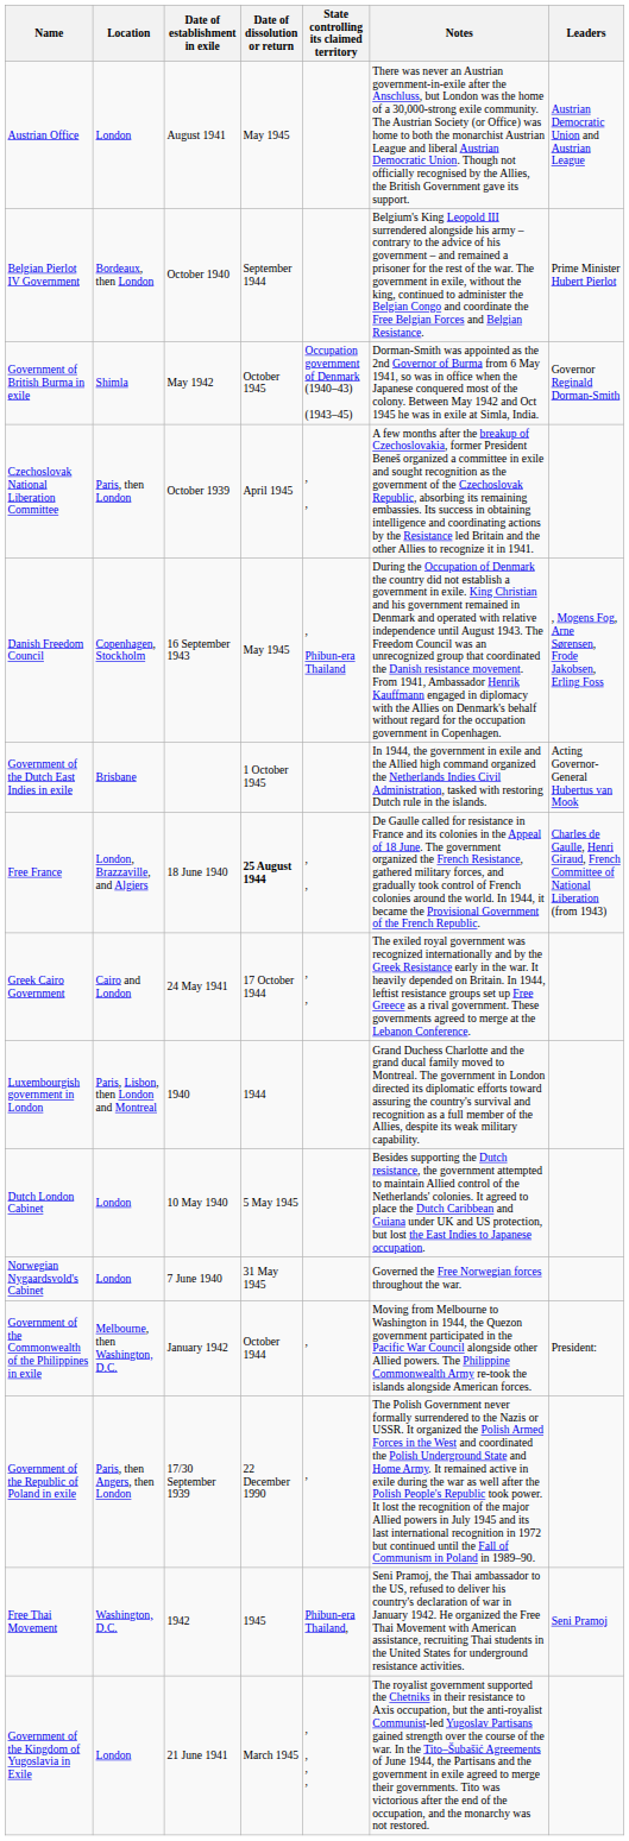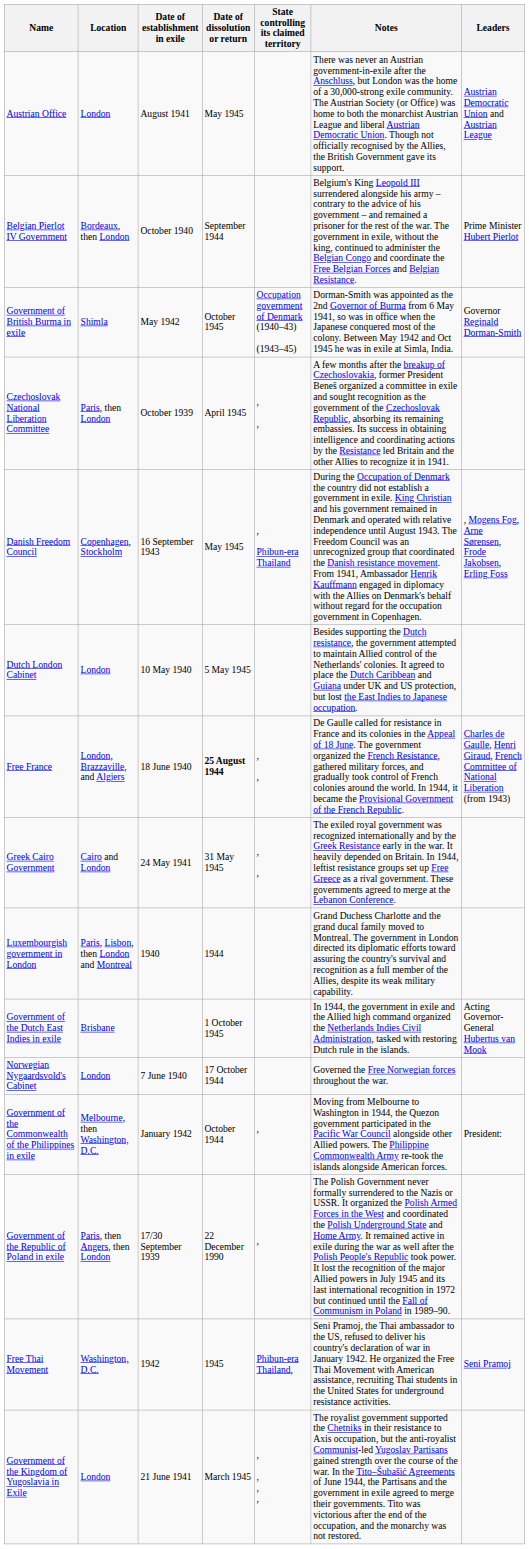 <table class="wikitable" style="clear:right">
 <tr>
 <th>Name</th>
 <th>Location</th>
 <th>Date of establishment in exile</th>
 <th>Date of dissolution or return</th>
 <th>State controlling its claimed territory</th>
 <th>Notes</th>
 <th>Leaders</th>
 </tr>
 <tr>
 <td> <a href='#'>Austrian Office</a></td>
 <td><a href='#'>London</a></td>
 <td>August 1941</td>
 <td>May 1945</td>
 <td></td>
 <td>There was never an Austrian government-in-exile after the <a href='#'>Anschluss</a>, but London was the home of a 30,000-strong exile community. The Austrian Society (or Office) was home to both the monarchist Austrian League and liberal <a href='#'>Austrian Democratic Union</a>. Though not officially recognised by the Allies, the British Government gave its support.</td>
 <td><a href='#'>Austrian Democratic Union</a> and <a href='#'>Austrian League</a></td>
 </tr>
 <tr>
 <td> <a href='#'>Belgian Pierlot IV Government</a></td>
 <td><a href='#'>Bordeaux</a>, then <a href='#'>London</a></td>
 <td>October 1940</td>
 <td>September 1944</td>
 <td></td>
 <td>Belgium's King <a href='#'>Leopold III</a> surrendered alongside his army – contrary to the advice of his government – and remained a prisoner for the rest of the war. The government in exile, without the king, continued to administer the <a href='#'>Belgian Congo</a> and coordinate the <a href='#'>Free Belgian Forces</a> and <a href='#'>Belgian Resistance</a>.</td>
 <td>Prime Minister <br> <a href='#'>Hubert Pierlot</a></td>
 </tr>
 <tr>
 <td> <a href='#'>Government of British Burma in exile</a></td>
 <td><a href='#'>Shimla</a></td>
 <td>May 1942</td>
 <td>October 1945</td>
 <td> <a href='#'>Occupation government of Denmark</a> (1940–43)<br><br> (1943–45)</td>
 <td>Dorman-Smith was appointed as the 2nd <a href='#'>Governor of Burma</a> from 6 May 1941, so was in office when the Japanese conquered most of the colony. Between May 1942 and Oct 1945 he was in exile at Simla, India.</td>
 <td>Governor <a href='#'>Reginald Dorman-Smith</a></td>
 </tr>
 <tr>
 <td> <a href='#'>Czechoslovak National Liberation Committee</a></td>
 <td><a href='#'>Paris</a>, then <a href='#'>London</a></td>
 <td>October 1939</td>
 <td>April 1945</td>
 <td>,<br><br>,<br> </td>
 <td>A few months after the <a href='#'>breakup of Czechoslovakia</a>, former President Beneš organized a committee in exile and sought recognition as the government of the <a href='#'>Czechoslovak Republic</a>, absorbing its remaining embassies. Its success in obtaining intelligence and coordinating actions by the <a href='#'>Resistance</a> led Britain and the other Allies to recognize it in 1941.</td>
 <td></td>
 </tr>
 <tr>
 <td> <a href='#'>Danish Freedom Council</a></td>
 <td><a href='#'>Copenhagen</a>, <a href='#'>Stockholm</a></td>
 <td>16 September 1943</td>
 <td>May 1945</td>
 <td>,<br><br> <a href='#'>Phibun-era Thailand</a></td>
 <td>During the <a href='#'>Occupation of Denmark</a> the country did not establish a government in exile. <a href='#'>King Christian</a> and his government remained in Denmark and operated with relative independence until August 1943. The Freedom Council was an unrecognized group that coordinated the <a href='#'>Danish resistance movement</a>. From 1941, Ambassador <a href='#'>Henrik Kauffmann</a> engaged in diplomacy with the Allies on Denmark's behalf without regard for the occupation government in Copenhagen.</td>
 <td>, <a href='#'>Mogens Fog</a>, <a href='#'>Arne Sørensen</a>, <a href='#'>Frode Jakobsen</a>, <a href='#'>Erling Foss</a> </td>
 </tr>
 <tr>
-<td> <a href='#'>Government of the Dutch East Indies in exile</a></td>
-<td><a href='#'>Brisbane</a></td>
+<td> <a href='#'>Dutch London Cabinet</a></td>
+<td><a href='#'>London</a></td>
+<td>10 May 1940</td>
+<td>5 May 1945</td>
 <td></td>
-<td>1 October 1945</td>
+<td>Besides supporting the <a href='#'>Dutch resistance</a>, the government attempted to maintain Allied control of the Netherlands' colonies. It agreed to place the <a href='#'>Dutch Caribbean</a> and <a href='#'>Guiana</a> under UK and US protection, but lost <a href='#'>the East Indies to Japanese occupation</a>.</td>
 <td></td>
-<td>In 1944, the government in exile and the Allied high command organized the <a href='#'>Netherlands Indies Civil Administration</a>, tasked with restoring Dutch rule in the islands.</td>
-<td>Acting Governor-General <a href='#'>Hubertus van Mook</a></td>
 </tr>
 <tr>
 <td> <a href='#'>Free France</a></td>
 <td><a href='#'>London</a>, <a href='#'>Brazzaville</a>, and <a href='#'>Algiers</a></td>
 <td>18 June 1940</td>
 <td><strong>25 August 1944</strong></td>
 <td>,<br><br>,<br> </td>
 <td>De Gaulle called for resistance in France and its colonies in the <a href='#'>Appeal of 18 June</a>. The government organized the <a href='#'>French Resistance</a>, gathered military forces, and gradually took control of French colonies around the world. In 1944, it became the <a href='#'>Provisional Government of the French Republic</a>.</td>
 <td><a href='#'>Charles de Gaulle</a>, <a href='#'>Henri Giraud</a>, <a href='#'>French Committee of National Liberation</a> (from 1943)</td>
 </tr>
 <tr>
 <td> <a href='#'>Greek Cairo Government</a></td>
 <td><a href='#'>Cairo</a> and <a href='#'>London</a></td>
 <td>24 May 1941</td>
-<td>17 October 1944</td>
+<td>31 May 1945</td>
 <td>,<br><br>,<br>  </td>
 <td>The exiled royal government was recognized internationally and by the <a href='#'>Greek Resistance</a> early in the war. It heavily depended on Britain. In 1944, leftist resistance groups set up <a href='#'>Free Greece</a> as a rival government. These governments agreed to merge at the <a href='#'>Lebanon Conference</a>.</td>
 <td></td>
 </tr>
 <tr>
 <td> <a href='#'>Luxembourgish government in London</a></td>
 <td><a href='#'>Paris</a>, <a href='#'>Lisbon</a>, then <a href='#'>London</a> and <a href='#'>Montreal</a></td>
 <td>1940</td>
 <td>1944</td>
 <td></td>
 <td>Grand Duchess Charlotte and the grand ducal family moved to Montreal. The government in London directed its diplomatic efforts toward assuring the country's survival and recognition as a full member of the Allies, despite its weak military capability.</td>
 <td></td>
 </tr>
 <tr>
-<td> <a href='#'>Dutch London Cabinet</a></td>
-<td><a href='#'>London</a></td>
-<td>10 May 1940</td>
-<td>5 May 1945</td>
+<td> <a href='#'>Government of the Dutch East Indies in exile</a></td>
+<td><a href='#'>Brisbane</a></td>
 <td></td>
-<td>Besides supporting the <a href='#'>Dutch resistance</a>, the government attempted to maintain Allied control of the Netherlands' colonies. It agreed to place the <a href='#'>Dutch Caribbean</a> and <a href='#'>Guiana</a> under UK and US protection, but lost <a href='#'>the East Indies to Japanese occupation</a>.</td>
+<td>1 October 1945</td>
 <td></td>
+<td>In 1944, the government in exile and the Allied high command organized the <a href='#'>Netherlands Indies Civil Administration</a>, tasked with restoring Dutch rule in the islands.</td>
+<td>Acting Governor-General <a href='#'>Hubertus van Mook</a></td>
 </tr>
 <tr>
 <td> <a href='#'>Norwegian Nygaardsvold's Cabinet</a></td>
 <td><a href='#'>London</a></td>
 <td>7 June 1940</td>
-<td>31 May 1945</td>
+<td>17 October 1944</td>
 <td></td>
 <td>Governed the <a href='#'>Free Norwegian forces</a> throughout the war.</td>
 <td></td>
 </tr>
 <tr>
 <td> <a href='#'>Government of the Commonwealth of the Philippines in exile</a></td>
 <td><a href='#'>Melbourne</a>, then <a href='#'>Washington, D.C.</a></td>
 <td>January 1942</td>
 <td>October 1944</td>
 <td>, <br><br></td>
 <td>Moving from Melbourne to Washington in 1944, the Quezon government participated in the <a href='#'>Pacific War Council</a> alongside other Allied powers. The <a href='#'>Philippine Commonwealth Army</a> re-took the islands alongside American forces.</td>
 <td>President: </td>
 </tr>
 <tr>
 <td> <a href='#'>Government of the Republic of Poland in exile</a></td>
 <td><a href='#'>Paris</a>, then <a href='#'>Angers</a>, then <a href='#'>London</a></td>
 <td>17/30 September 1939</td>
 <td>22 December 1990</td>
 <td>, <br><br></td>
 <td>The Polish Government never formally surrendered to the Nazis or USSR. It organized the <a href='#'>Polish Armed Forces in the West</a> and coordinated the <a href='#'>Polish Underground State</a> and <a href='#'>Home Army</a>. It remained active in exile during the war as well after the <a href='#'>Polish People's Republic</a> took power.  It lost the recognition of the major Allied powers in July 1945 and its last international recognition in 1972 but continued until the <a href='#'>Fall of Communism in Poland</a> in 1989–90.</td>
 <td></td>
 </tr>
 <tr>
 <td> <a href='#'>Free Thai Movement</a></td>
 <td><a href='#'>Washington, D.C.</a></td>
 <td>1942</td>
 <td>1945</td>
 <td> <a href='#'>Phibun-era Thailand</a>, </td>
 <td>Seni Pramoj, the Thai ambassador to the US, refused to deliver his country's declaration of war in January 1942. He organized the Free Thai Movement with American assistance, recruiting Thai students in the United States for underground resistance activities.</td>
 <td><a href='#'>Seni Pramoj</a></td>
 </tr>
 <tr>
 <td> <a href='#'>Government of the Kingdom of Yugoslavia in Exile</a></td>
 <td><a href='#'>London</a></td>
 <td>21 June 1941</td>
 <td>March 1945</td>
 <td>,<br><br>, <br> ,<br> , <br> </td>
 <td>The royalist government supported the <a href='#'>Chetniks</a> in their resistance to Axis occupation, but the anti-royalist <a href='#'>Communist</a>-led <a href='#'>Yugoslav Partisans</a> gained strength over the course of the war. In the <a href='#'>Tito–Šubašić Agreements</a> of June 1944, the Partisans and the government in exile agreed to merge their governments. Tito was victorious after the end of the occupation, and the monarchy was not restored.</td>
 <td></td>
 </tr>
 </table>
